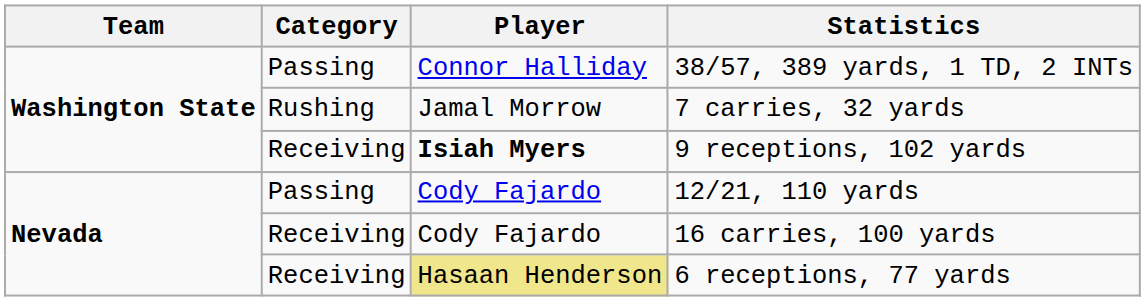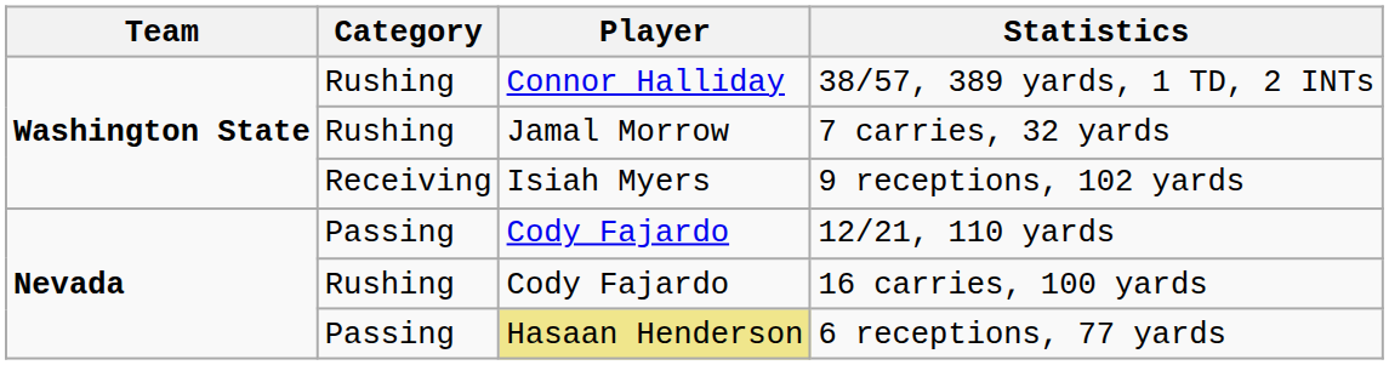 <table class="wikitable" style="float: left;">
 <tr>
 <th>Team</th>
 <th>Category</th>
 <th>Player</th>
 <th>Statistics</th>
 </tr>
 <tr>
 <td rowspan=3><strong>Washington State</strong></td>
-<td>Passing</td>
+<td>Rushing</td>
 <td><a href='#'>Connor Halliday</a></td>
 <td>38/57, 389 yards, 1 TD, 2 INTs</td>
 </tr>
 <tr>
 <td>Rushing</td>
 <td>Jamal Morrow</td>
 <td>7 carries, 32 yards</td>
 </tr>
 <tr>
 <td>Receiving</td>
-<td><strong>Isiah Myers</strong></td>
+<td>Isiah Myers</td>
 <td>9 receptions, 102 yards</td>
 </tr>
 <tr>
 <td rowspan=3><strong>Nevada</strong></td>
 <td>Passing</td>
 <td><a href='#'>Cody Fajardo</a></td>
 <td>12/21, 110 yards</td>
 </tr>
 <tr>
-<td>Receiving</td>
+<td>Rushing</td>
 <td>Cody Fajardo</td>
 <td>16 carries, 100 yards</td>
 </tr>
 <tr>
-<td>Receiving</td>
+<td>Passing</td>
 <td style="background: khaki;">Hasaan Henderson</td>
 <td>6 receptions, 77 yards</td>
 </tr>
 </table>
